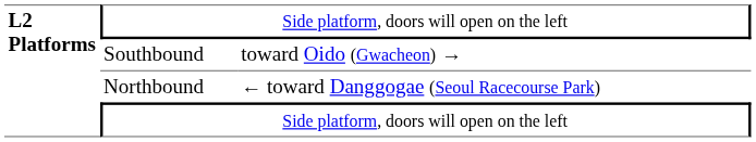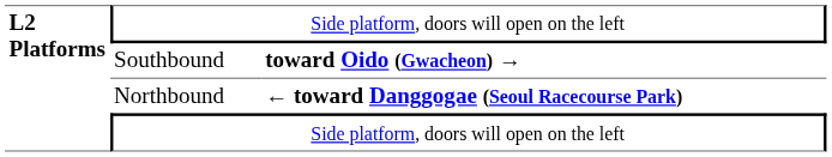 <table table border=0 cellspacing=0 cellpadding=3>
 <tr>
 <td style="border-top:solid 1px gray;border-bottom:solid 1px gray;" width=50 rowspan=10 valign=top><strong>L2<br>Platforms</strong></td>
 <td style="border-top:solid 1px gray;border-right:solid 2px black;border-left:solid 2px black;border-bottom:solid 2px black;text-align:center;" colspan=2><small><a href='#'>Side platform</a>, doors will open on the left</small></td>
 </tr>
 <tr>
 <td>Southbound</td>
-<td>  toward <a href='#'>Oido</a> <small>(<a href='#'>Gwacheon</a>)</small> →</td>
+<td><strong>  toward <a href='#'>Oido</a> <small>(<a href='#'>Gwacheon</a>)</small> →</strong></td>
 </tr>
 <tr>
 <td style="border-bottom:solid 0px gray;border-top:solid 1px gray;" width=100>Northbound</td>
-<td style="border-bottom:solid 0px gray;border-top:solid 1px gray;" width=390>←  toward <a href='#'>Danggogae</a> <small>(<a href='#'>Seoul Racecourse Park</a>)</small></td>
+<td style="border-bottom:solid 0px gray;border-top:solid 1px gray;" width=390><strong>←  toward <a href='#'>Danggogae</a> <small>(<a href='#'>Seoul Racecourse Park</a>)</small></strong></td>
 </tr>
 <tr>
 <td style="border-top:solid 2px black;border-right:solid 2px black;border-left:solid 2px black;border-bottom:solid 1px gray;text-align:center;" colspan=2><small><a href='#'>Side platform</a>, doors will open on the left</small></td>
 </tr>
 </table>
